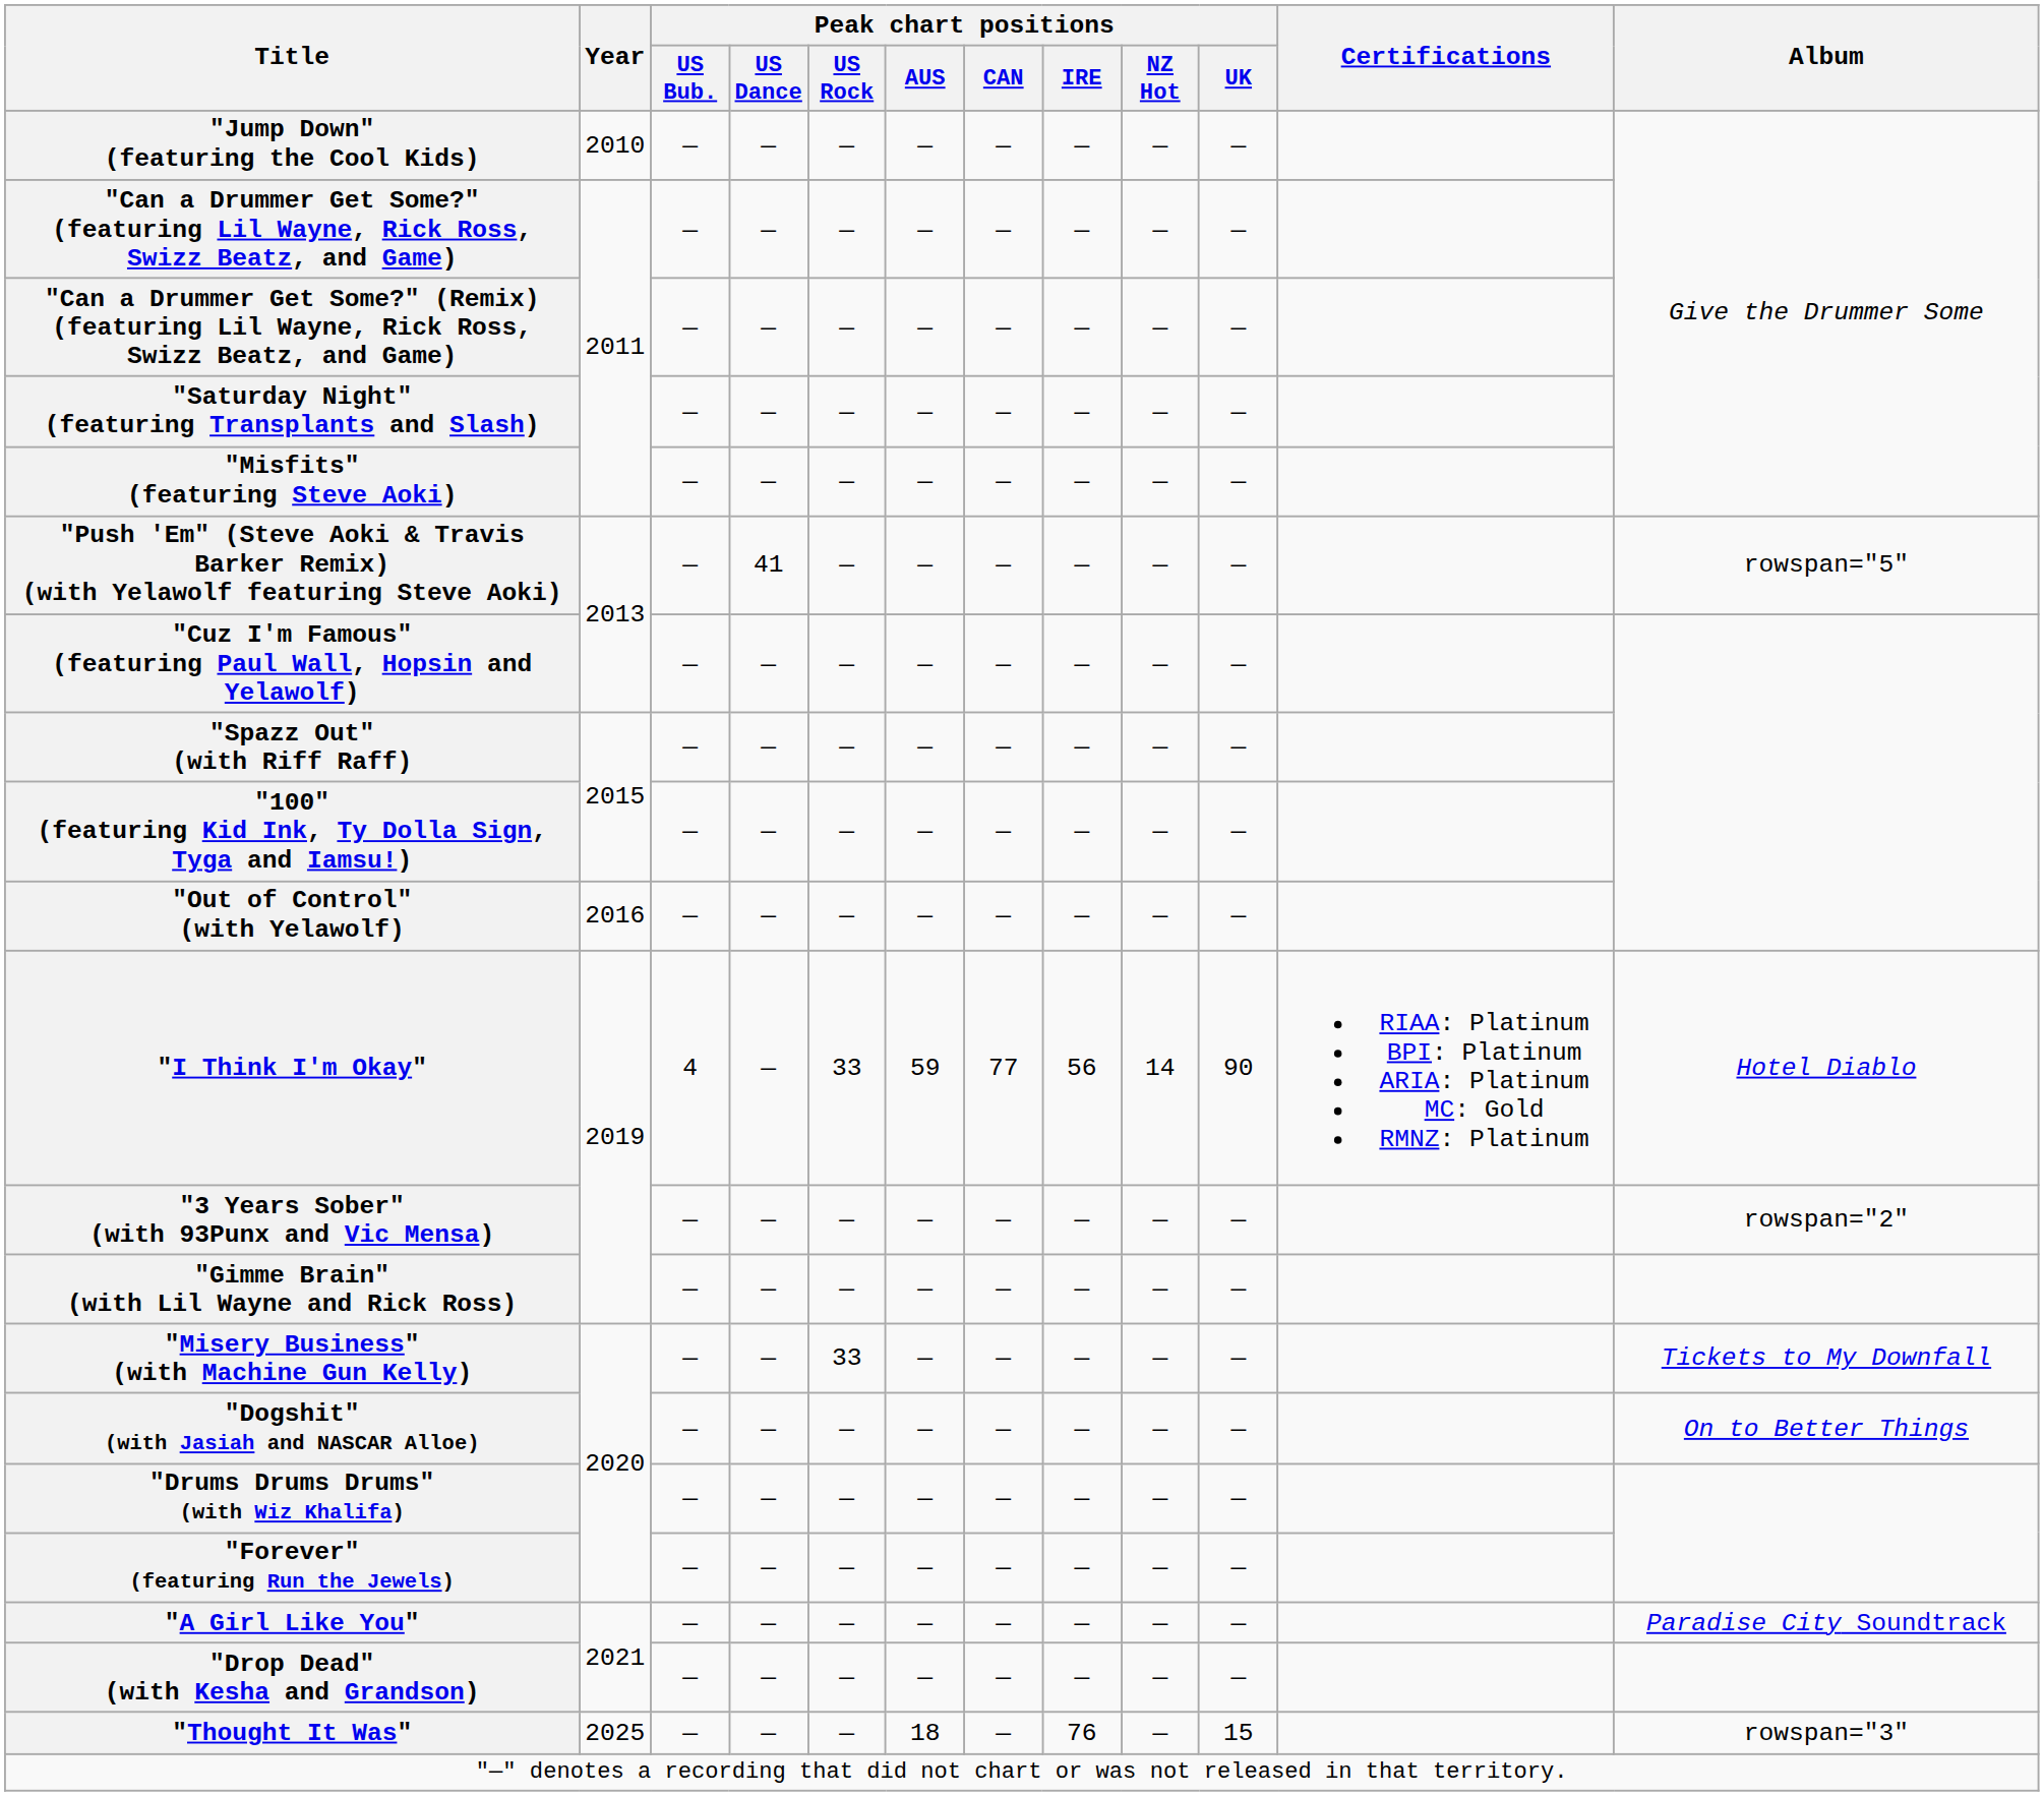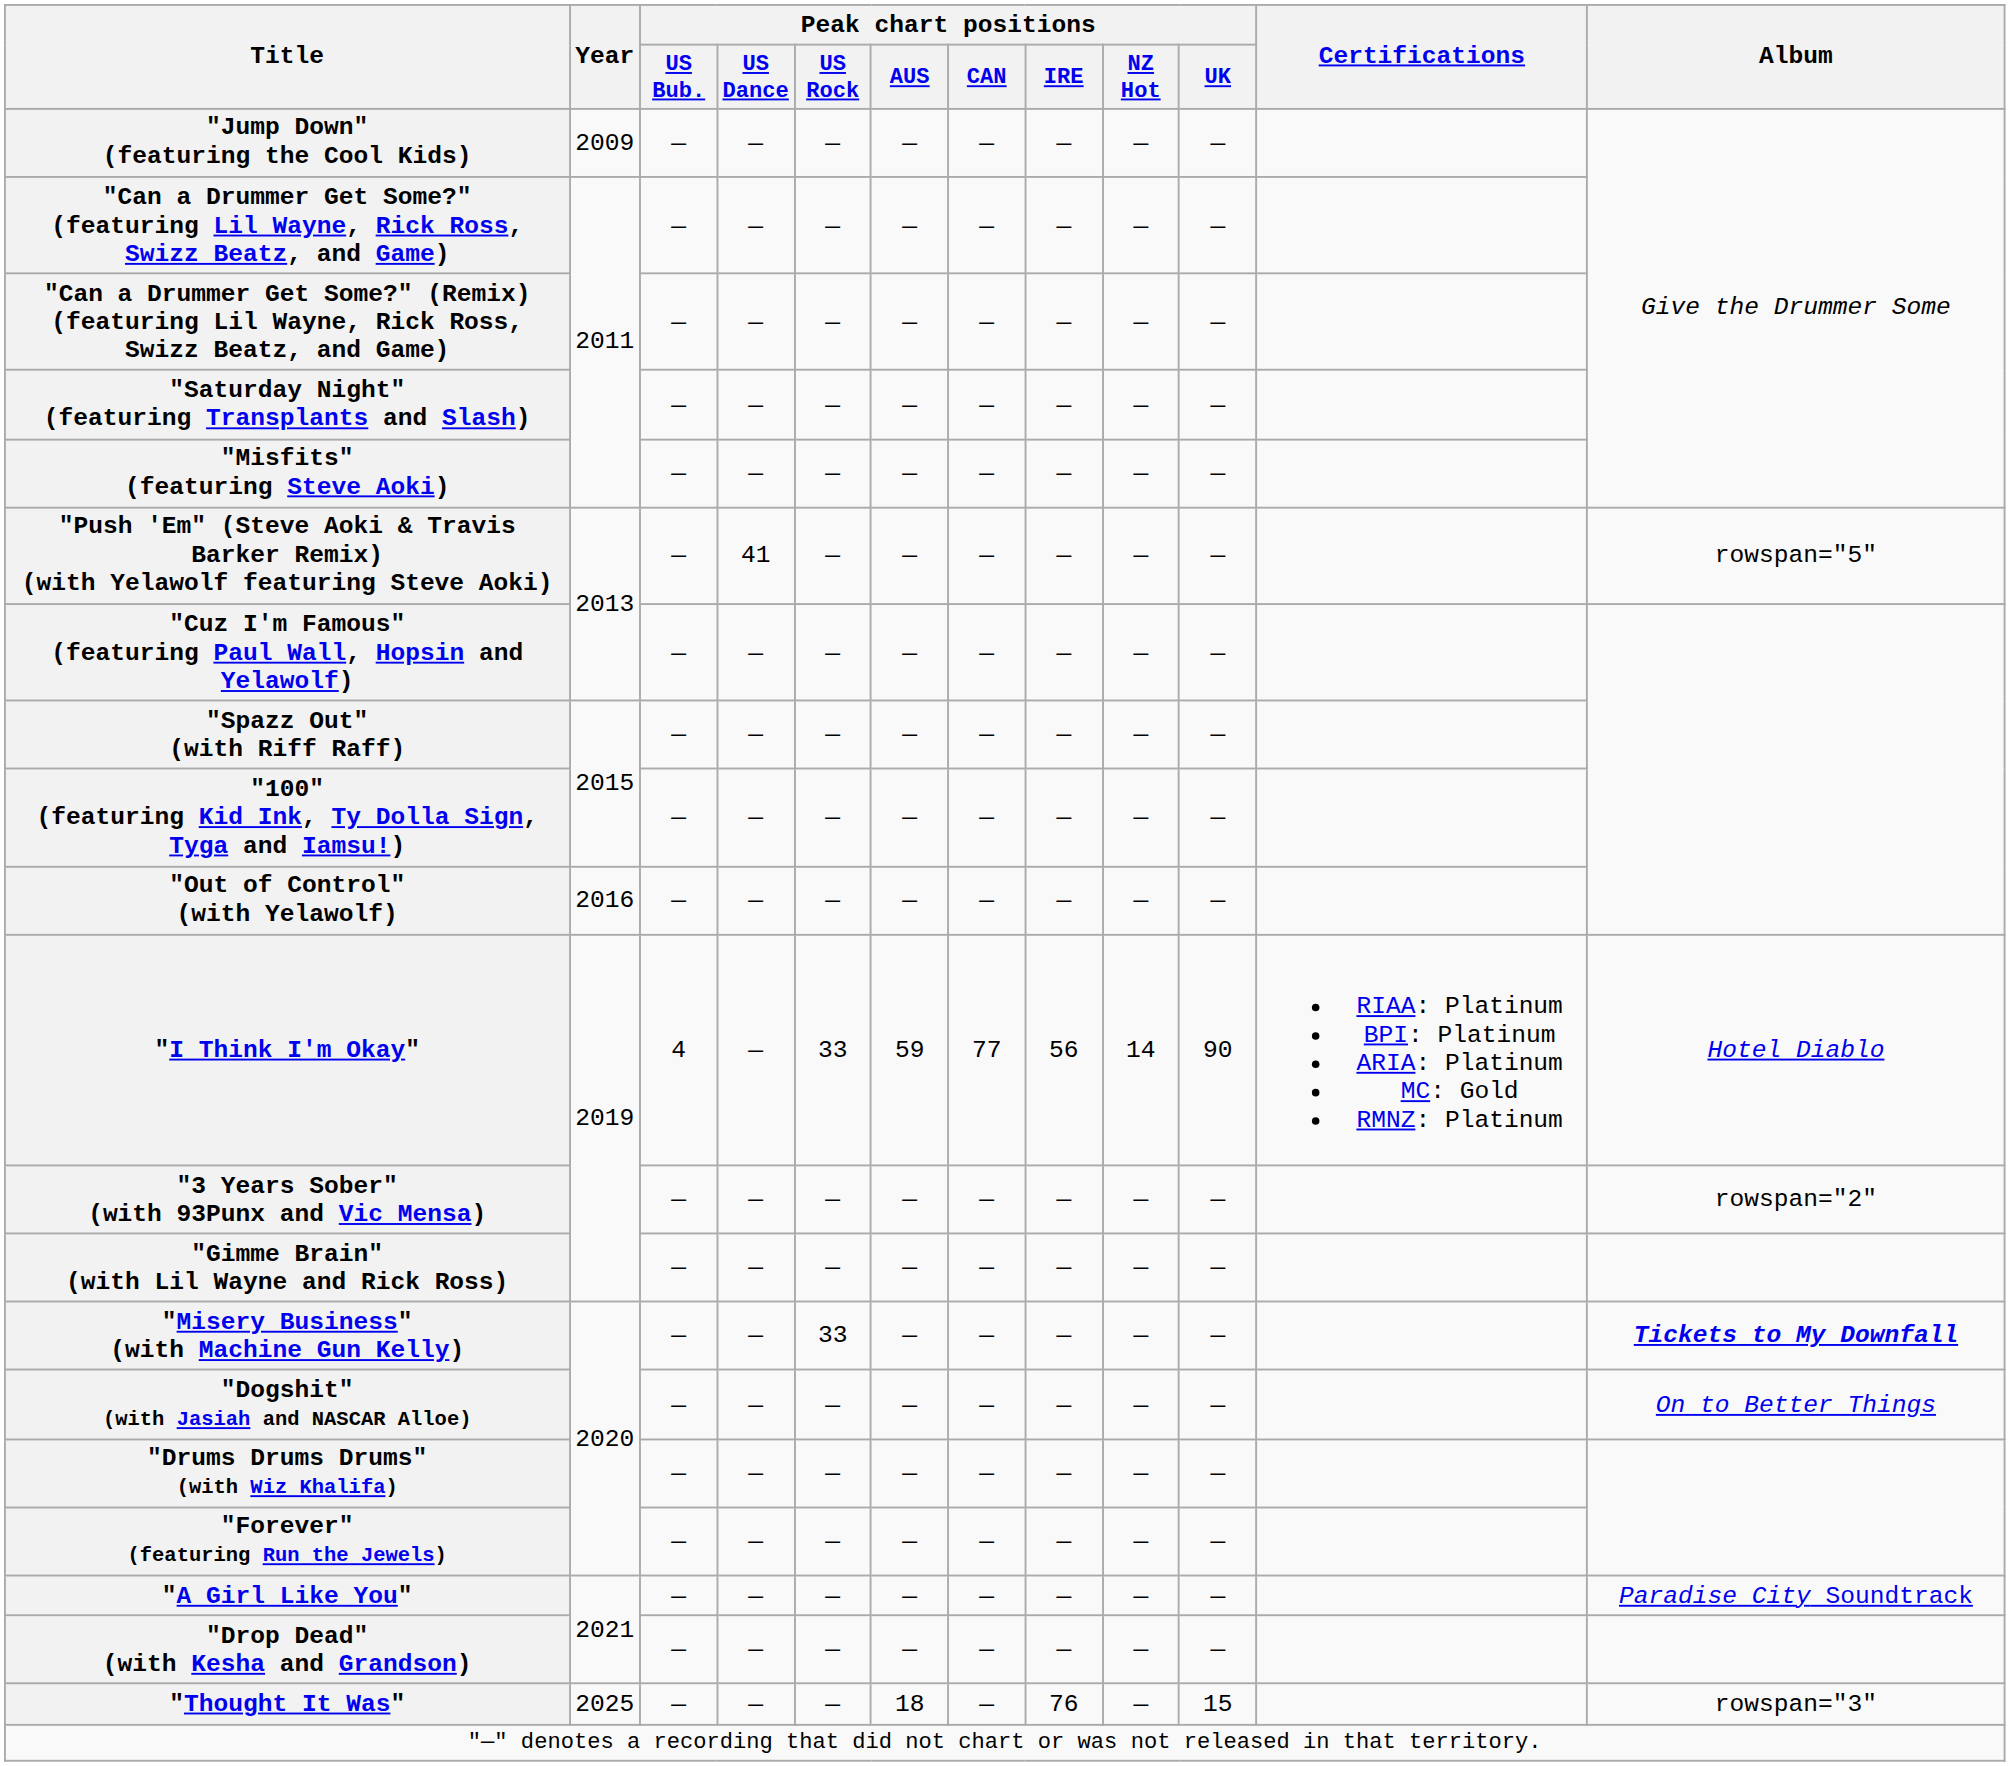 <table class="wikitable plainrowheaders" style="text-align:center;">
 <tr>
 <th scope="col" rowspan="2" style="width:22.5em;">Title</th>
 <th scope="col" rowspan="2" style="width:1em;">Year</th>
 <th scope="col" colspan="8">Peak chart positions</th>
 <th scope="col" rowspan="2" style="width:13em;"><a href='#'>Certifications</a></th>
 <th scope="col" rowspan="2" style="width:16.5em;">Album</th>
 </tr>
 <tr>
 <th scope="col" style="width:3em;font-size:90%;"><a href='#'>US<br>Bub.</a><br></th>
 <th scope="col" style="width:3em;font-size:90%;"><a href='#'>US<br>Dance</a><br></th>
 <th scope="col" style="width:3em;font-size:90%;"><a href='#'>US<br>Rock</a><br></th>
 <th scope="col" style="width:3em;font-size:90%;"><a href='#'>AUS</a><br></th>
 <th scope="col" style="width:3em;font-size:90%;"><a href='#'>CAN</a><br></th>
 <th scope="col" style="width:3em;font-size:90%;"><a href='#'>IRE</a><br></th>
 <th scope="col" style="width:3em;font-size:90%;"><a href='#'>NZ<br>Hot</a><br></th>
 <th scope="col" style="width:3em;font-size:90%;"><a href='#'>UK</a><br></th>
 </tr>
 <tr>
 <th scope="row">"Jump Down"<br><span>(featuring the Cool Kids)</span></th>
-<td>2010</td>
+<td>2009</td>
 <td>—</td>
 <td>—</td>
 <td>—</td>
 <td>—</td>
 <td>—</td>
 <td>—</td>
 <td>—</td>
 <td>—</td>
 <td></td>
 <td rowspan="5"><em>Give the Drummer Some</em></td>
 </tr>
 <tr>
 <th scope="row">"Can a Drummer Get Some?" <br><span>(featuring <a href='#'>Lil Wayne</a>, <a href='#'>Rick Ross</a>, <a href='#'>Swizz Beatz</a>, and <a href='#'>Game</a>)</span></th>
 <td rowspan="4">2011</td>
 <td>—</td>
 <td>—</td>
 <td>—</td>
 <td>—</td>
 <td>—</td>
 <td>—</td>
 <td>—</td>
 <td>—</td>
 <td></td>
 </tr>
 <tr>
 <th scope="row">"Can a Drummer Get Some?" (Remix) <br><span>(featuring Lil Wayne, Rick Ross, Swizz Beatz, and Game)</span></th>
 <td>—</td>
 <td>—</td>
 <td>—</td>
 <td>—</td>
 <td>—</td>
 <td>—</td>
 <td>—</td>
 <td>—</td>
 <td></td>
 </tr>
 <tr>
 <th scope="row">"Saturday Night" <br><span>(featuring <a href='#'>Transplants</a> and <a href='#'>Slash</a>)</span></th>
 <td>—</td>
 <td>—</td>
 <td>—</td>
 <td>—</td>
 <td>—</td>
 <td>—</td>
 <td>—</td>
 <td>—</td>
 <td></td>
 </tr>
 <tr>
 <th scope="row">"Misfits" <br><span>(featuring <a href='#'>Steve Aoki</a>)</span></th>
 <td>—</td>
 <td>—</td>
 <td>—</td>
 <td>—</td>
 <td>—</td>
 <td>—</td>
 <td>—</td>
 <td>—</td>
 <td></td>
 </tr>
 <tr>
 <th scope="row">"Push 'Em" (Steve Aoki & Travis Barker Remix) <br><span>(with Yelawolf featuring Steve Aoki)</span></th>
 <td rowspan="2">2013</td>
 <td>—</td>
 <td>41</td>
 <td>—</td>
 <td>—</td>
 <td>—</td>
 <td>—</td>
 <td>—</td>
 <td>—</td>
 <td></td>
 <td>rowspan="5" </td>
 </tr>
 <tr>
 <th scope="row">"Cuz I'm Famous" <br><span>(featuring <a href='#'>Paul Wall</a>, <a href='#'>Hopsin</a> and <a href='#'>Yelawolf</a>)</span></th>
 <td>—</td>
 <td>—</td>
 <td>—</td>
 <td>—</td>
 <td>—</td>
 <td>—</td>
 <td>—</td>
 <td>—</td>
 <td></td>
 </tr>
 <tr>
 <th scope="row">"Spazz Out" <br><span>(with Riff Raff)</span></th>
 <td rowspan="2">2015</td>
 <td>—</td>
 <td>—</td>
 <td>—</td>
 <td>—</td>
 <td>—</td>
 <td>—</td>
 <td>—</td>
 <td>—</td>
 <td></td>
 </tr>
 <tr>
 <th scope="row">"100" <br><span>(featuring <a href='#'>Kid Ink</a>, <a href='#'>Ty Dolla Sign</a>, <a href='#'>Tyga</a> and <a href='#'>Iamsu!</a>)</span></th>
 <td>—</td>
 <td>—</td>
 <td>—</td>
 <td>—</td>
 <td>—</td>
 <td>—</td>
 <td>—</td>
 <td>—</td>
 <td></td>
 </tr>
 <tr>
 <th scope="row">"Out of Control" <br><span>(with Yelawolf)</span></th>
 <td>2016</td>
 <td>—</td>
 <td>—</td>
 <td>—</td>
 <td>—</td>
 <td>—</td>
 <td>—</td>
 <td>—</td>
 <td>—</td>
 <td></td>
 </tr>
 <tr>
 <th scope="row">"<a href='#'>I Think I'm Okay</a>"<br></th>
 <td rowspan="3">2019</td>
 <td>4</td>
 <td>—</td>
 <td>33</td>
 <td>59</td>
 <td>77</td>
 <td>56</td>
 <td>14</td>
 <td>90</td>
 <td><br><ul><li><a href='#'>RIAA</a>: Platinum</li><li><a href='#'>BPI</a>: Platinum</li><li><a href='#'>ARIA</a>: Platinum</li><li><a href='#'>MC</a>: Gold</li><li><a href='#'>RMNZ</a>: Platinum</li></ul></td>
 <td><em><a href='#'>Hotel Diablo</a></em></td>
 </tr>
 <tr>
 <th scope="row">"3 Years Sober"<br><span>(with 93Punx and <a href='#'>Vic Mensa</a>)</span></th>
 <td>—</td>
 <td>—</td>
 <td>—</td>
 <td>—</td>
 <td>—</td>
 <td>—</td>
 <td>—</td>
 <td>—</td>
 <td></td>
 <td>rowspan="2" </td>
 </tr>
 <tr>
 <th scope="row">"Gimme Brain"<br><span>(with Lil Wayne and Rick Ross)</span></th>
 <td>—</td>
 <td>—</td>
 <td>—</td>
 <td>—</td>
 <td>—</td>
 <td>—</td>
 <td>—</td>
 <td>—</td>
 <td></td>
 </tr>
 <tr>
 <th scope="row">"<a href='#'>Misery Business</a>"<br><span>(with <a href='#'>Machine Gun Kelly</a>)</span></th>
 <td rowspan="4">2020</td>
 <td>—</td>
 <td>—</td>
 <td>33</td>
 <td>—</td>
 <td>—</td>
 <td>—</td>
 <td>—</td>
 <td>—</td>
 <td></td>
-<td><em><a href='#'>Tickets to My Downfall</a></em></td>
+<td><strong><em><a href='#'>Tickets to My Downfall</a></em></strong></td>
 </tr>
 <tr>
 <th scope="row">"Dogshit"<br><small>(with <a href='#'>Jasiah</a> and NASCAR Alloe)</small></th>
 <td>—</td>
 <td>—</td>
 <td>—</td>
 <td>—</td>
 <td>—</td>
 <td>—</td>
 <td>—</td>
 <td>—</td>
 <td></td>
 <td><em><a href='#'>On to Better Things</a></em></td>
 </tr>
 <tr>
 <th scope="row">"Drums Drums Drums"<br><small>(with <a href='#'>Wiz Khalifa</a>)</small></th>
 <td>—</td>
 <td>—</td>
 <td>—</td>
 <td>—</td>
 <td>—</td>
 <td>—</td>
 <td>—</td>
 <td>—</td>
 <td></td>
 </tr>
 <tr>
 <th scope="row">"Forever"<br><small>(featuring <a href='#'>Run the Jewels</a>)</small></th>
 <td>—</td>
 <td>—</td>
 <td>—</td>
 <td>—</td>
 <td>—</td>
 <td>—</td>
 <td>—</td>
 <td>—</td>
 <td></td>
 </tr>
 <tr>
 <th scope="row">"<a href='#'>A Girl Like You</a>"<br></th>
 <td rowspan="2">2021</td>
 <td>—</td>
 <td>—</td>
 <td>—</td>
 <td>—</td>
 <td>—</td>
 <td>—</td>
 <td>—</td>
 <td>—</td>
 <td></td>
 <td><a href='#'><em>Paradise City</em> Soundtrack</a></td>
 </tr>
 <tr>
 <th scope="row">"Drop Dead"<br><span>(with <a href='#'>Kesha</a> and <a href='#'>Grandson</a>)</span></th>
 <td>—</td>
 <td>—</td>
 <td>—</td>
 <td>—</td>
 <td>—</td>
 <td>—</td>
 <td>—</td>
 <td>—</td>
 <td></td>
 <td></td>
 </tr>
 <tr>
 <th scope="row">"<a href='#'>Thought It Was</a>"<br></th>
 <td>2025</td>
 <td>—</td>
 <td>—</td>
 <td>—</td>
 <td>18</td>
 <td>—</td>
 <td>76</td>
 <td>—</td>
 <td>15</td>
 <td></td>
 <td>rowspan="3" </td>
 </tr>
 <tr>
 <td colspan="14" style="font-size:90%">"—" denotes a recording that did not chart or was not released in that territory.</td>
 </tr>
 </table>
